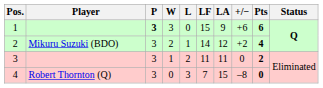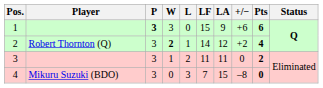 <table class="wikitable" style="text-align:center; margin: 1em auto 1em auto, align:left">
 <tr>
 <th width=20>Pos.</th>
 <th width=185>Player</th>
 <th width=20>P</th>
 <th width=20>W</th>
 <th width=20>L</th>
 <th width=20>LF</th>
 <th width=20>LA</th>
 <th width=25>+/−</th>
 <th width=20>Pts</th>
 <th width=70>Status</th>
 </tr>
 <tr style="background:#CCFFCC;">
 <td>1</td>
 <td align=left></td>
 <td><strong>3</strong></td>
 <td>3</td>
 <td>0</td>
 <td>15</td>
 <td>9</td>
 <td>+6</td>
 <td><strong>6</strong></td>
 <td rowspan=2><strong>Q</strong></td>
 </tr>
 <tr style="background:#CCFFCC;">
 <td>2</td>
-<td align=left> <a href='#'>Mikuru Suzuki</a> (BDO)</td>
+<td align=left> <a href='#'>Robert Thornton</a> (Q)</td>
 <td>3</td>
-<td>2</td>
+<td><strong>2</strong></td>
 <td>1</td>
 <td>14</td>
 <td>12</td>
 <td>+2</td>
 <td><strong>4</strong></td>
 </tr>
 <tr style="background:#FFCCCC;">
 <td>3</td>
 <td align=left></td>
 <td>3</td>
 <td>1</td>
 <td>2</td>
 <td>11</td>
 <td>11</td>
 <td>0</td>
 <td><strong>2</strong></td>
 <td rowspan=2>Eliminated</td>
 </tr>
 <tr style="background:#FFCCCC;">
 <td>4</td>
-<td align=left> <a href='#'>Robert Thornton</a> (Q)</td>
+<td align=left> <a href='#'>Mikuru Suzuki</a> (BDO)</td>
 <td>3</td>
 <td>0</td>
 <td>3</td>
 <td>7</td>
 <td>15</td>
 <td>–8</td>
 <td><strong>0</strong></td>
 </tr>
 </table>
